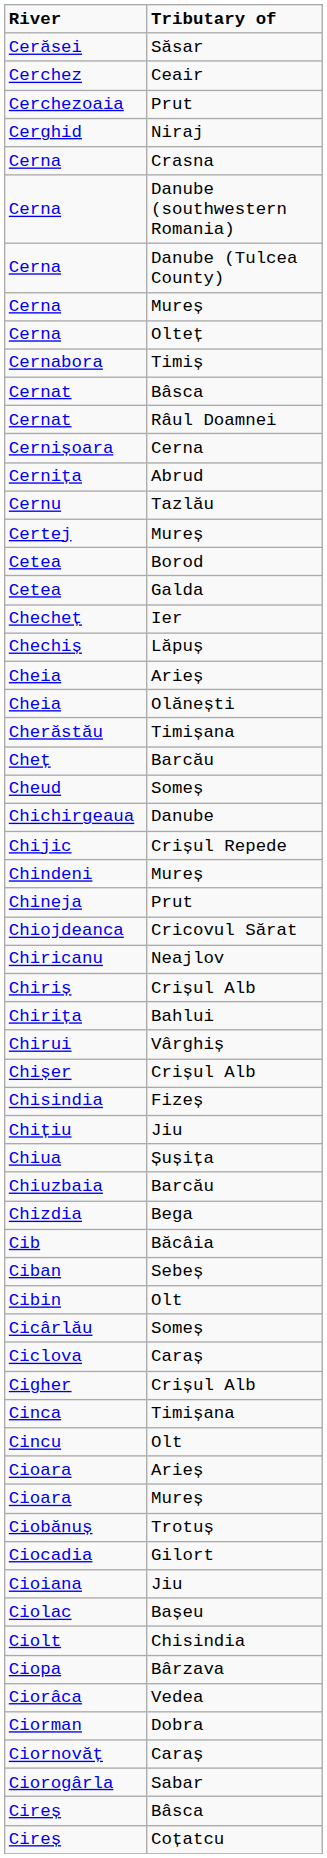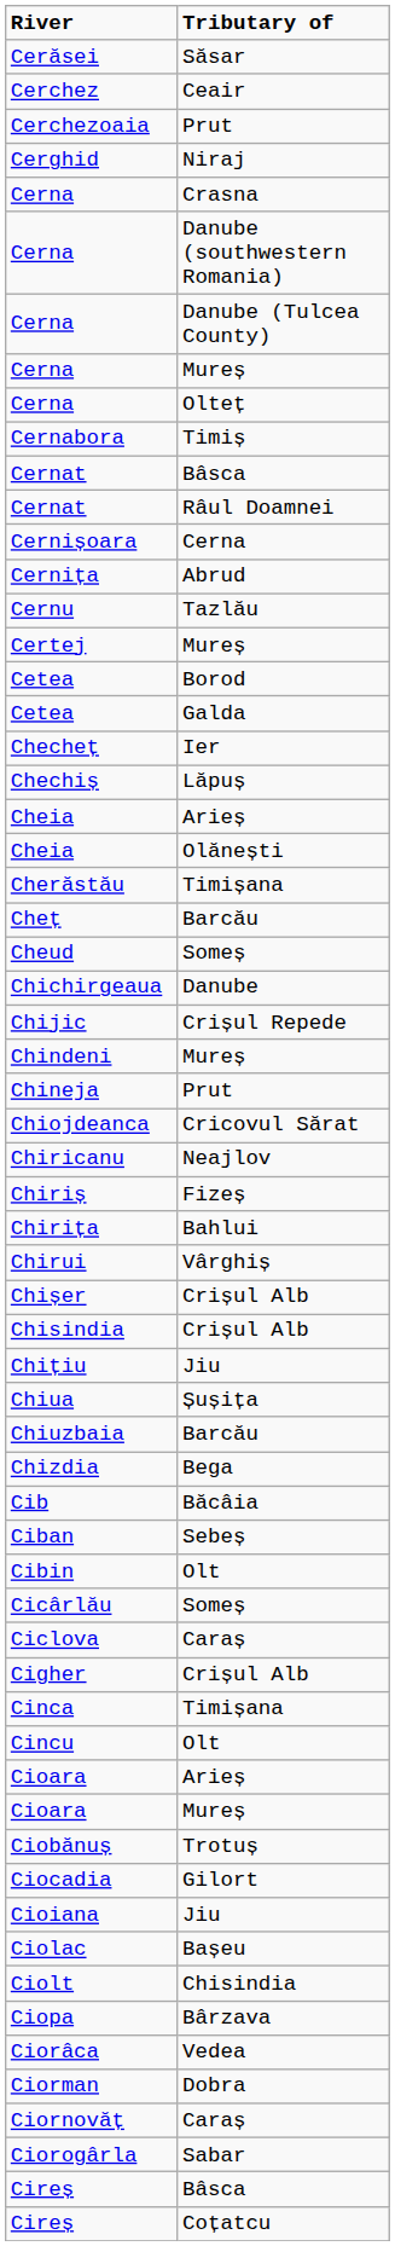 <table class="wikitable">
 <tr>
 <td width="100pt"><strong>River</strong></td>
 <td width="125pt"><strong>Tributary of</strong></td>
 </tr>
 <tr>
 <td><a href='#'>Cerăsei</a></td>
 <td>Săsar</td>
 </tr>
 <tr>
 <td><a href='#'>Cerchez</a></td>
 <td>Ceair</td>
 </tr>
 <tr>
 <td><a href='#'>Cerchezoaia</a></td>
 <td>Prut</td>
 </tr>
 <tr>
 <td><a href='#'>Cerghid</a></td>
 <td>Niraj</td>
 </tr>
 <tr>
 <td><a href='#'>Cerna</a></td>
 <td>Crasna</td>
 </tr>
 <tr>
 <td><a href='#'>Cerna</a></td>
 <td>Danube (southwestern Romania)</td>
 </tr>
 <tr>
 <td><a href='#'>Cerna</a></td>
 <td>Danube (Tulcea County)</td>
 </tr>
 <tr>
 <td><a href='#'>Cerna</a></td>
 <td>Mureș</td>
 </tr>
 <tr>
 <td><a href='#'>Cerna</a></td>
 <td>Olteț</td>
 </tr>
 <tr>
 <td><a href='#'>Cernabora</a></td>
 <td>Timiș</td>
 </tr>
 <tr>
 <td><a href='#'>Cernat</a></td>
 <td>Bâsca</td>
 </tr>
 <tr>
 <td><a href='#'>Cernat</a></td>
 <td>Râul Doamnei</td>
 </tr>
 <tr>
 <td><a href='#'>Cernișoara</a></td>
 <td>Cerna</td>
 </tr>
 <tr>
 <td><a href='#'>Cernița</a></td>
 <td>Abrud</td>
 </tr>
 <tr>
 <td><a href='#'>Cernu</a></td>
 <td>Tazlău</td>
 </tr>
 <tr>
 <td><a href='#'>Certej</a></td>
 <td>Mureș</td>
 </tr>
 <tr>
 <td><a href='#'>Cetea</a></td>
 <td>Borod</td>
 </tr>
 <tr>
 <td><a href='#'>Cetea</a></td>
 <td>Galda</td>
 </tr>
 <tr>
 <td><a href='#'>Checheț</a></td>
 <td>Ier</td>
 </tr>
 <tr>
 <td><a href='#'>Chechiș</a></td>
 <td>Lăpuș</td>
 </tr>
 <tr>
 <td><a href='#'>Cheia</a></td>
 <td>Arieș</td>
 </tr>
 <tr>
 <td><a href='#'>Cheia</a></td>
 <td>Olănești</td>
 </tr>
 <tr>
 <td><a href='#'>Cherăstău</a></td>
 <td>Timișana</td>
 </tr>
 <tr>
 <td><a href='#'>Cheț</a></td>
 <td>Barcău</td>
 </tr>
 <tr>
 <td><a href='#'>Cheud</a></td>
 <td>Someș</td>
 </tr>
 <tr>
 <td><a href='#'>Chichirgeaua</a></td>
 <td>Danube</td>
 </tr>
 <tr>
 <td><a href='#'>Chijic</a></td>
 <td>Crișul Repede</td>
 </tr>
 <tr>
 <td><a href='#'>Chindeni</a></td>
 <td>Mureș</td>
 </tr>
 <tr>
 <td><a href='#'>Chineja</a></td>
 <td>Prut</td>
 </tr>
 <tr>
 <td><a href='#'>Chiojdeanca</a></td>
 <td>Cricovul Sărat</td>
 </tr>
 <tr>
 <td><a href='#'>Chiricanu</a></td>
 <td>Neajlov</td>
 </tr>
 <tr>
 <td><a href='#'>Chiriș</a></td>
-<td>Crișul Alb</td>
+<td>Fizeș</td>
 </tr>
 <tr>
 <td><a href='#'>Chirița</a></td>
 <td>Bahlui</td>
 </tr>
 <tr>
 <td><a href='#'>Chirui</a></td>
 <td>Vârghiș</td>
 </tr>
 <tr>
 <td><a href='#'>Chișer</a></td>
 <td>Crișul Alb</td>
 </tr>
 <tr>
 <td><a href='#'>Chisindia</a></td>
-<td>Fizeș</td>
+<td>Crișul Alb</td>
 </tr>
 <tr>
 <td><a href='#'>Chițiu</a></td>
 <td>Jiu</td>
 </tr>
 <tr>
 <td><a href='#'>Chiua</a></td>
 <td>Șușița</td>
 </tr>
 <tr>
 <td><a href='#'>Chiuzbaia</a></td>
 <td>Barcău</td>
 </tr>
 <tr>
 <td><a href='#'>Chizdia</a></td>
 <td>Bega</td>
 </tr>
 <tr>
 <td><a href='#'>Cib</a></td>
 <td>Băcâia</td>
 </tr>
 <tr>
 <td><a href='#'>Ciban</a></td>
 <td>Sebeș</td>
 </tr>
 <tr>
 <td><a href='#'>Cibin</a></td>
 <td>Olt</td>
 </tr>
 <tr>
 <td><a href='#'>Cicârlău</a></td>
 <td>Someș</td>
 </tr>
 <tr>
 <td><a href='#'>Ciclova</a></td>
 <td>Caraș</td>
 </tr>
 <tr>
 <td><a href='#'>Cigher</a></td>
 <td>Crișul Alb</td>
 </tr>
 <tr>
 <td><a href='#'>Cinca</a></td>
 <td>Timișana</td>
 </tr>
 <tr>
 <td><a href='#'>Cincu</a></td>
 <td>Olt</td>
 </tr>
 <tr>
 <td><a href='#'>Cioara</a></td>
 <td>Arieș</td>
 </tr>
 <tr>
 <td><a href='#'>Cioara</a></td>
 <td>Mureș</td>
 </tr>
 <tr>
 <td><a href='#'>Ciobănuș</a></td>
 <td>Trotuș</td>
 </tr>
 <tr>
 <td><a href='#'>Ciocadia</a></td>
 <td>Gilort</td>
 </tr>
 <tr>
 <td><a href='#'>Cioiana</a></td>
 <td>Jiu</td>
 </tr>
 <tr>
 <td><a href='#'>Ciolac</a></td>
 <td>Bașeu</td>
 </tr>
 <tr>
 <td><a href='#'>Ciolt</a></td>
 <td>Chisindia</td>
 </tr>
 <tr>
 <td><a href='#'>Ciopa</a></td>
 <td>Bârzava</td>
 </tr>
 <tr>
 <td><a href='#'>Ciorâca</a></td>
 <td>Vedea</td>
 </tr>
 <tr>
 <td><a href='#'>Ciorman</a></td>
 <td>Dobra</td>
 </tr>
 <tr>
 <td><a href='#'>Ciornovăț</a></td>
 <td>Caraș</td>
 </tr>
 <tr>
 <td><a href='#'>Ciorogârla</a></td>
 <td>Sabar</td>
 </tr>
 <tr>
 <td><a href='#'>Cireș</a></td>
 <td>Bâsca</td>
 </tr>
 <tr>
 <td><a href='#'>Cireș</a></td>
 <td>Coțatcu</td>
 </tr>
 </table>
